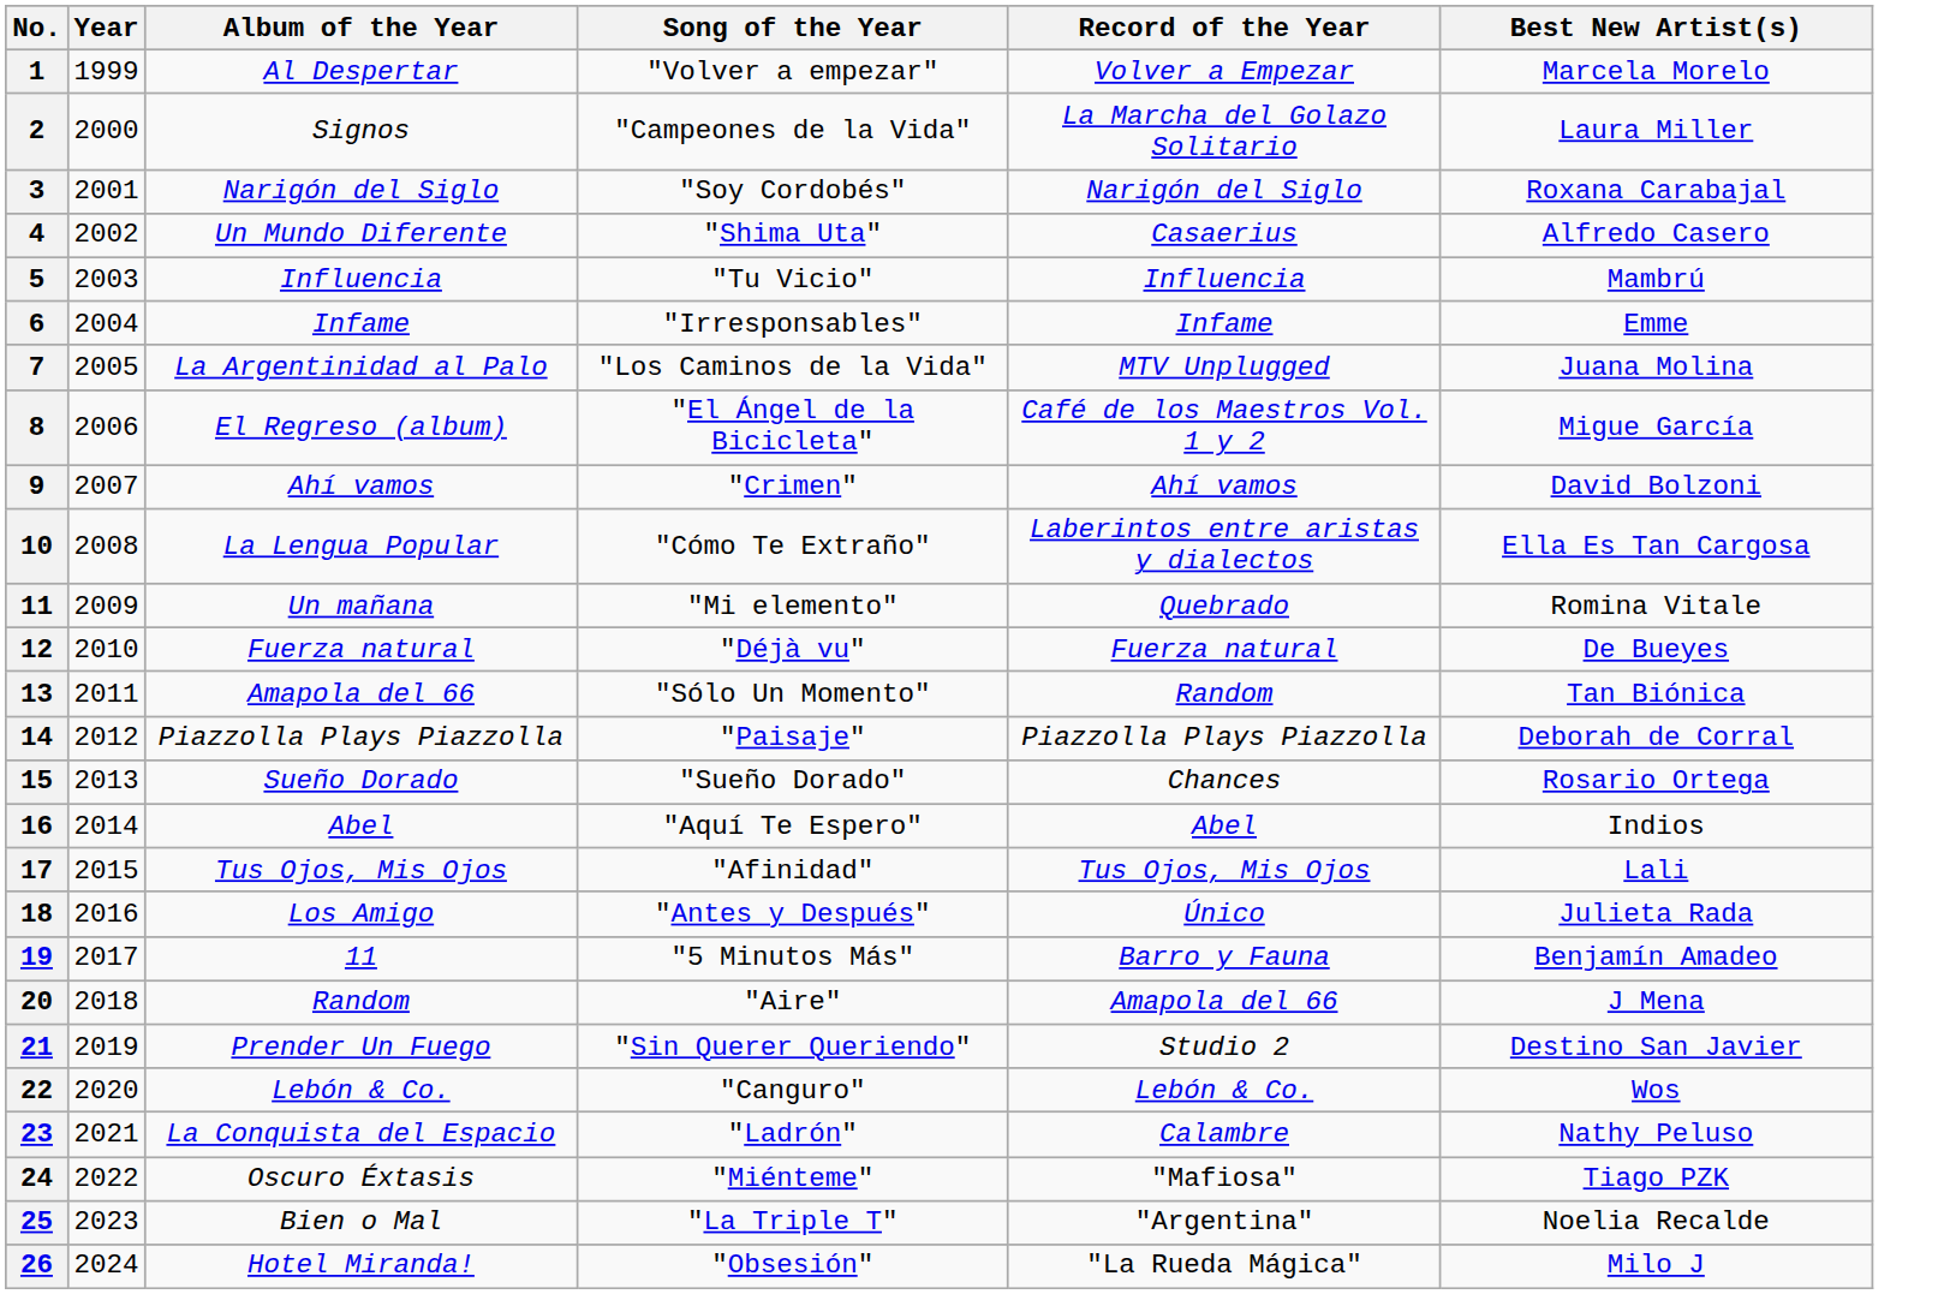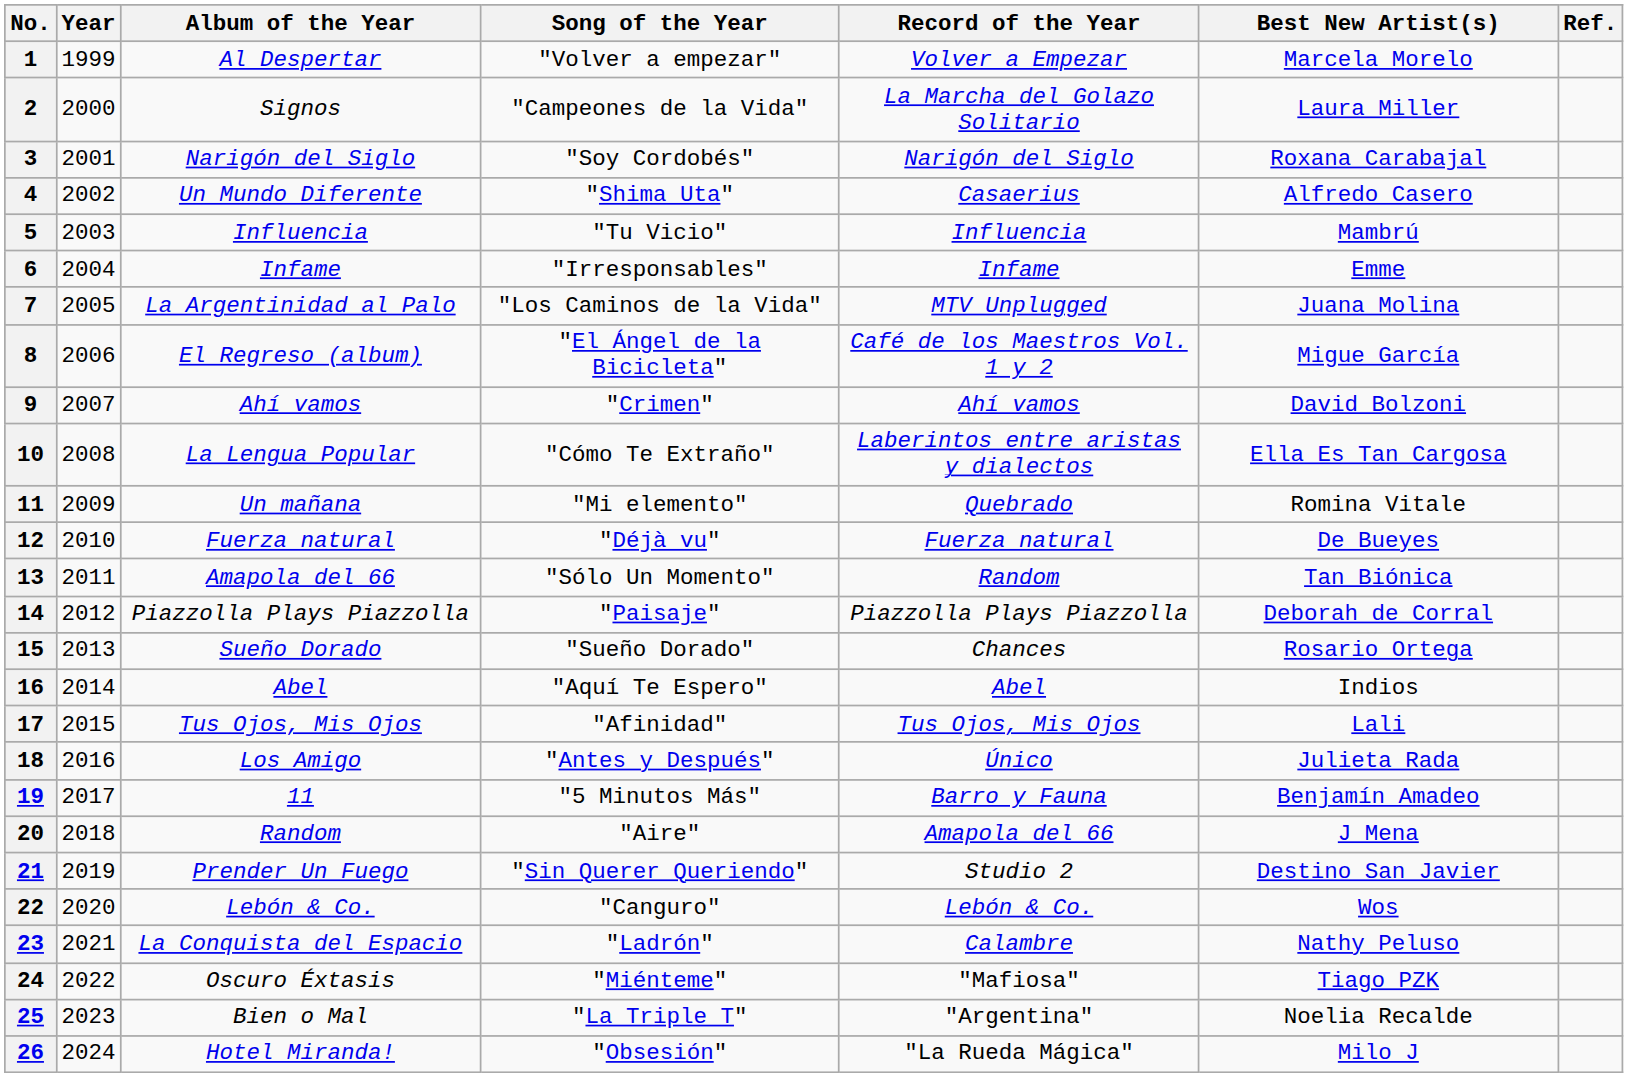 <table class="wikitable" style="text-align:center">
 <tr>
 <th>No.</th>
 <th>Year</th>
 <th style="width:15.5em;">Album of the Year<br></th>
 <th style="width:15.5em;">Song of the Year</th>
 <th style="width:15.5em;">Record of the Year</th>
 <th style="width:15.5em;">Best New Artist(s)</th>
+<th>Ref.</th>
 </tr>
 <tr>
 <th>1</th>
 <td>1999</td>
 <td><em><a href='#'>Al Despertar</a></em><br></td>
 <td>"Volver a empezar"<br></td>
 <td><em><a href='#'>Volver a Empezar</a></em><br></td>
 <td><a href='#'>Marcela Morelo</a></td>
+<td></td>
 </tr>
 <tr>
 <th>2</th>
 <td>2000</td>
 <td><em>Signos</em><br></td>
 <td>"Campeones de la Vida"<br></td>
 <td><em><a href='#'>La Marcha del Golazo Solitario</a></em><br></td>
 <td><a href='#'>Laura Miller</a></td>
+<td></td>
 </tr>
 <tr>
 <th>3</th>
 <td>2001</td>
 <td><em><a href='#'>Narigón del Siglo</a></em><br></td>
 <td>"Soy Cordobés"<br></td>
 <td><em><a href='#'>Narigón del Siglo</a></em><br></td>
 <td><a href='#'>Roxana Carabajal</a></td>
+<td></td>
 </tr>
 <tr>
 <th>4</th>
 <td>2002</td>
 <td><em><a href='#'>Un Mundo Diferente</a></em><br></td>
 <td>"<a href='#'>Shima Uta</a>"<br></td>
 <td><em><a href='#'>Casaerius</a></em><br></td>
 <td><a href='#'>Alfredo Casero</a></td>
+<td></td>
 </tr>
 <tr>
 <th>5</th>
 <td>2003</td>
 <td><em><a href='#'>Influencia</a></em><br></td>
 <td>"Tu Vicio"<br></td>
 <td><em><a href='#'>Influencia</a></em><br></td>
 <td><a href='#'>Mambrú</a></td>
+<td></td>
 </tr>
 <tr>
 <th>6</th>
 <td>2004</td>
 <td><em><a href='#'>Infame</a></em><br></td>
 <td>"Irresponsables"<br></td>
 <td><em><a href='#'>Infame</a></em><br></td>
 <td><a href='#'>Emme</a></td>
+<td></td>
 </tr>
 <tr>
 <th>7</th>
 <td>2005</td>
 <td><em><a href='#'>La Argentinidad al Palo</a></em><br></td>
 <td>"Los Caminos de la Vida"<br></td>
 <td><em><a href='#'>MTV Unplugged</a></em><br></td>
 <td><a href='#'>Juana Molina</a></td>
+<td></td>
 </tr>
 <tr>
 <th>8</th>
 <td>2006</td>
 <td><em><a href='#'>El Regreso (album)</a></em><br></td>
 <td>"<a href='#'>El Ángel de la Bicicleta</a>"<br></td>
 <td><em><a href='#'>Café de los Maestros Vol. 1 y 2</a></em><br></td>
 <td><a href='#'>Migue García</a></td>
+<td></td>
 </tr>
 <tr>
 <th>9</th>
 <td>2007</td>
 <td><em><a href='#'>Ahí vamos</a></em><br></td>
 <td>"<a href='#'>Crimen</a>"<br></td>
 <td><em><a href='#'>Ahí vamos</a></em><br></td>
 <td><a href='#'>David Bolzoni</a></td>
+<td></td>
 </tr>
 <tr>
 <th>10</th>
 <td>2008</td>
 <td><em><a href='#'>La Lengua Popular</a></em><br></td>
 <td>"Cómo Te Extraño"<br></td>
 <td><em><a href='#'>Laberintos entre aristas y dialectos</a></em><br></td>
 <td><a href='#'>Ella Es Tan Cargosa</a></td>
+<td></td>
 </tr>
 <tr>
 <th>11</th>
 <td>2009</td>
 <td><em><a href='#'>Un mañana</a></em><br></td>
 <td>"Mi elemento"<br></td>
 <td><em><a href='#'>Quebrado</a></em><br></td>
 <td>Romina Vitale</td>
+<td></td>
 </tr>
 <tr>
 <th>12</th>
 <td>2010</td>
 <td><em><a href='#'>Fuerza natural</a></em><br></td>
 <td>"<a href='#'>Déjà vu</a>"<br></td>
 <td><em><a href='#'>Fuerza natural</a></em><br></td>
 <td><a href='#'>De Bueyes</a></td>
+<td></td>
 </tr>
 <tr>
 <th>13</th>
 <td>2011</td>
 <td><em><a href='#'>Amapola del 66</a></em><br></td>
 <td>"Sólo Un Momento"<br></td>
 <td><em><a href='#'>Random</a></em><br></td>
 <td><a href='#'>Tan Biónica</a></td>
+<td></td>
 </tr>
 <tr>
 <th>14</th>
 <td>2012</td>
 <td><em>Piazzolla Plays Piazzolla</em><br></td>
 <td>"<a href='#'>Paisaje</a>"<br></td>
 <td><em>Piazzolla Plays Piazzolla</em><br></td>
 <td><a href='#'>Deborah de Corral</a></td>
+<td></td>
 </tr>
 <tr>
 <th>15</th>
 <td>2013</td>
 <td><em><a href='#'>Sueño Dorado</a></em><br></td>
 <td>"Sueño Dorado"<br></td>
 <td><em>Chances</em><br></td>
 <td><a href='#'>Rosario Ortega</a></td>
+<td></td>
 </tr>
 <tr>
 <th>16</th>
 <td>2014</td>
 <td><em><a href='#'>Abel</a></em><br></td>
 <td>"Aquí Te Espero"<br></td>
 <td><em><a href='#'>Abel</a></em><br></td>
 <td>Indios</td>
+<td></td>
 </tr>
 <tr>
 <th>17</th>
 <td>2015</td>
 <td><em><a href='#'>Tus Ojos, Mis Ojos</a></em><br></td>
 <td>"Afinidad"<br></td>
 <td><em><a href='#'>Tus Ojos, Mis Ojos</a></em><br></td>
 <td><a href='#'>Lali</a></td>
+<td></td>
 </tr>
 <tr>
 <th>18</th>
 <td>2016</td>
 <td><em><a href='#'>Los Amigo</a></em><br></td>
 <td>"<a href='#'>Antes y Después</a>"<br></td>
 <td><em><a href='#'>Único</a></em><br></td>
 <td><a href='#'>Julieta Rada</a></td>
+<td></td>
 </tr>
 <tr>
 <th><a href='#'>19</a></th>
 <td>2017</td>
 <td><em><a href='#'>11</a></em><br></td>
 <td>"5 Minutos Más"<br></td>
 <td><em><a href='#'>Barro y Fauna</a></em><br></td>
 <td><a href='#'>Benjamín Amadeo</a></td>
+<td></td>
 </tr>
 <tr>
 <th>20</th>
 <td>2018</td>
 <td><em><a href='#'>Random</a></em><br></td>
 <td>"Aire"<br></td>
 <td><em><a href='#'>Amapola del 66</a></em><br></td>
 <td><a href='#'>J Mena</a></td>
+<td></td>
 </tr>
 <tr>
 <th><a href='#'>21</a></th>
 <td>2019</td>
 <td><em><a href='#'>Prender Un Fuego</a></em><br></td>
 <td>"<a href='#'>Sin Querer Queriendo</a>"<br></td>
 <td><em>Studio 2</em><br></td>
 <td><a href='#'>Destino San Javier</a></td>
+<td></td>
 </tr>
 <tr>
 <th>22</th>
 <td>2020</td>
 <td><em><a href='#'>Lebón & Co.</a></em><br></td>
 <td>"Canguro"<br></td>
 <td><em><a href='#'>Lebón & Co.</a></em><br></td>
 <td><a href='#'>Wos</a></td>
+<td></td>
 </tr>
 <tr>
 <th><a href='#'>23</a></th>
 <td>2021</td>
 <td><em><a href='#'>La Conquista del Espacio</a></em><br></td>
 <td>"<a href='#'>Ladrón</a>"<br></td>
 <td><em><a href='#'>Calambre</a></em><br></td>
 <td><a href='#'>Nathy Peluso</a></td>
+<td></td>
 </tr>
 <tr>
 <th>24</th>
 <td>2022</td>
 <td><em>Oscuro Éxtasis</em><br></td>
 <td>"<a href='#'>Miénteme</a>"<br></td>
 <td>"Mafiosa"<br></td>
 <td><a href='#'>Tiago PZK</a></td>
+<td></td>
 </tr>
 <tr>
 <th><a href='#'>25</a></th>
 <td>2023</td>
 <td><em>Bien o Mal</em><br></td>
 <td>"<a href='#'>La Triple T</a>"<br></td>
 <td>"Argentina"<br></td>
 <td>Noelia Recalde</td>
+<td></td>
 </tr>
 <tr>
 <th><a href='#'>26</a></th>
 <td>2024</td>
 <td><em><a href='#'>Hotel Miranda!</a></em><br></td>
 <td>"<a href='#'>Obsesión</a>"<br></td>
 <td>"La Rueda Mágica"<br></td>
 <td><a href='#'>Milo J</a></td>
+<td></td>
 </tr>
 </table>
